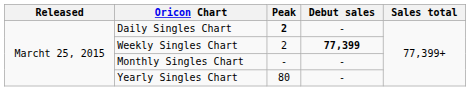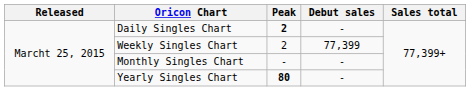 <table class="wikitable" style="width:600px;">
 <tr>
 <th style="text-align:center;">Released</th>
 <th style="text-align:center;"><a href='#'>Oricon</a> Chart</th>
 <th style="text-align:center;">Peak</th>
 <th style="text-align:center;">Debut sales</th>
 <th style="text-align:center;">Sales total</th>
 </tr>
 <tr>
 <td style="text-align:center;" rowspan="4">Marcht 25, 2015</td>
 <td align="left">Daily Singles Chart</td>
 <td style="text-align:center;"><strong>2</strong></td>
 <td style="text-align:center;">-</td>
 <td style="text-align:center;" rowspan="4">77,399+</td>
 </tr>
 <tr>
 <td align="left">Weekly Singles Chart</td>
 <td style="text-align:center;">2</td>
-<td style="text-align:center;"><strong>77,399</strong></td>
+<td style="text-align:center;">77,399</td>
 </tr>
 <tr>
 <td align="left">Monthly Singles Chart</td>
 <td style="text-align:center;">-</td>
 <td style="text-align:center;">-</td>
 </tr>
 <tr>
 <td align="left">Yearly Singles Chart</td>
-<td style="text-align:center;">80</td>
+<td style="text-align:center;"><strong>80</strong></td>
 <td style="text-align:center;">-</td>
 </tr>
 </table>
